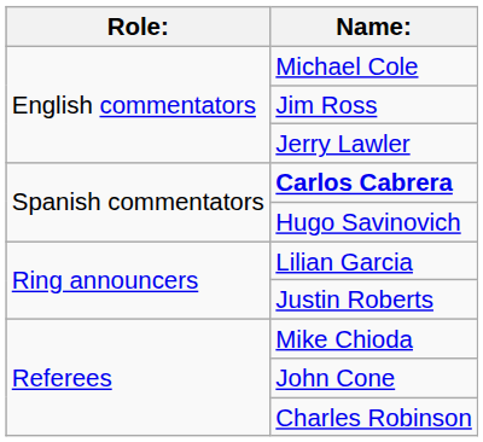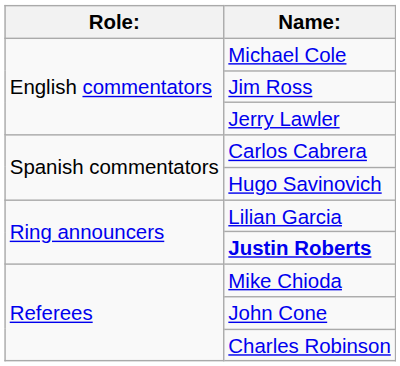 <table class=wikitable style="font-size:90%; margin: 0.5em 0 0.5em 1em; float: right; clear: right;">
 <tr>
 <th>Role:</th>
 <th>Name:</th>
 </tr>
 <tr>
 <td rowspan=3>English <a href='#'>commentators</a></td>
 <td><a href='#'>Michael Cole</a></td>
 </tr>
 <tr>
 <td><a href='#'>Jim Ross</a></td>
 </tr>
 <tr>
 <td><a href='#'>Jerry Lawler</a></td>
 </tr>
 <tr>
 <td rowspan=2>Spanish commentators</td>
-<td><strong><a href='#'>Carlos Cabrera</a></strong></td>
+<td><a href='#'>Carlos Cabrera</a></td>
 </tr>
 <tr>
 <td><a href='#'>Hugo Savinovich</a></td>
 </tr>
 <tr>
 <td rowspan=2><a href='#'>Ring announcers</a></td>
 <td><a href='#'>Lilian Garcia</a></td>
 </tr>
 <tr>
-<td><a href='#'>Justin Roberts</a></td>
+<td><strong><a href='#'>Justin Roberts</a></strong></td>
 </tr>
 <tr>
 <td rowspan=3><a href='#'>Referees</a></td>
 <td><a href='#'>Mike Chioda</a></td>
 </tr>
 <tr>
 <td><a href='#'>John Cone</a></td>
 </tr>
 <tr>
 <td><a href='#'>Charles Robinson</a></td>
 </tr>
 </table>
